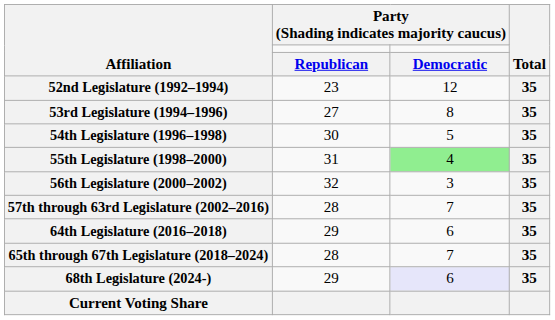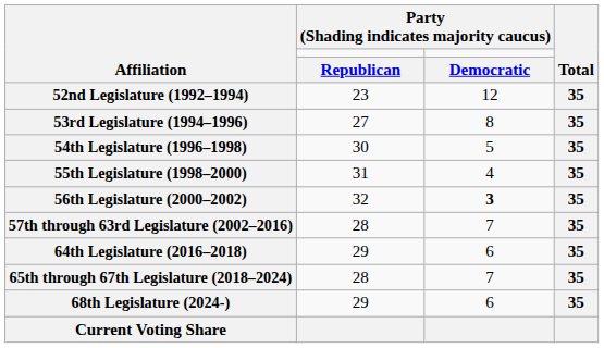 <table class=wikitable style="text-align:center">
 <tr style="vertical-align:bottom;">
 <th rowspan=3>Affiliation</th>
 <th colspan=2>Party <div>(Shading indicates majority caucus)</div></th>
 <th rowspan=3>Total</th>
 </tr>
 <tr style="height:5px">
 <td style="background-color:"></td>
 <td style="background-color:"></td>
 </tr>
 <tr>
 <th><a href='#'>Republican</a></th>
 <th><a href='#'>Democratic</a></th>
 </tr>
 <tr>
 <th nowrap style="font-size:95%">52nd Legislature (1992–1994)</th>
 <td>23</td>
 <td>12</td>
 <th>35</th>
 </tr>
 <tr>
 <th nowrap style="font-size:95%">53rd Legislature (1994–1996)</th>
 <td>27</td>
 <td>8</td>
 <th>35</th>
 </tr>
 <tr>
 <th nowrap style="font-size:95%">54th Legislature (1996–1998)</th>
 <td>30</td>
 <td>5</td>
 <th>35</th>
 </tr>
 <tr>
 <th nowrap style="font-size:95%">55th Legislature (1998–2000)</th>
 <td>31</td>
-<td style="background: lightgreen;">4</td>
+<td>4</td>
 <th>35</th>
 </tr>
 <tr>
 <th '!nowrap style="font-size:95%">56th Legislature (2000–2002)</th>
 <td>32</td>
-<td>3</td>
+<td><strong>3</strong></td>
 <th>35</th>
 </tr>
 <tr>
 <th '!nowrap style="font-size:95%">57th through 63rd Legislature (2002–2016)</th>
 <td>28</td>
 <td>7</td>
 <th>35</th>
 </tr>
 <tr>
 <th '!nowrap style="font-size:95%">64th Legislature (2016–2018)</th>
 <td>29</td>
 <td>6</td>
 <th>35</th>
 </tr>
 <tr>
 <th '!nowrap style="font-size:95%">65th through 67th Legislature (2018–2024)</th>
 <td>28</td>
 <td>7</td>
 <th>35</th>
 </tr>
 <tr>
 <th '!nowrap style="font-size:95%">68th Legislature (2024-)</th>
 <td>29</td>
-<td style="background: lavender;">6</td>
+<td>6</td>
 <th>35</th>
 </tr>
 <tr>
 <th>Current Voting Share</th>
 <th> </th>
 <th> </th>
 <th colspan=2></th>
 </tr>
 </table>
